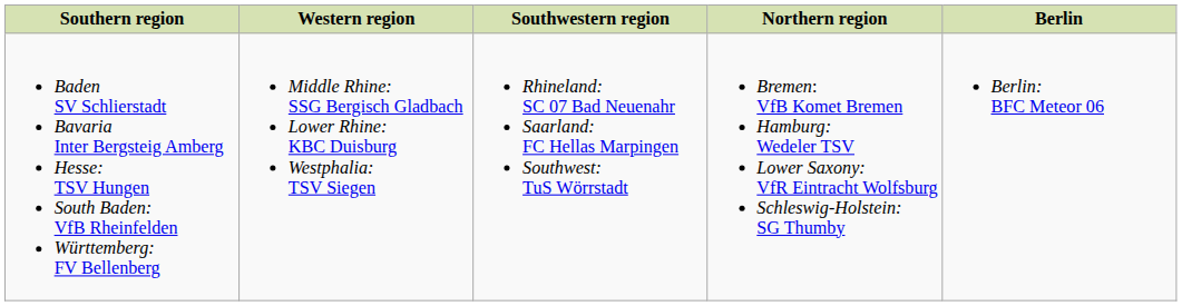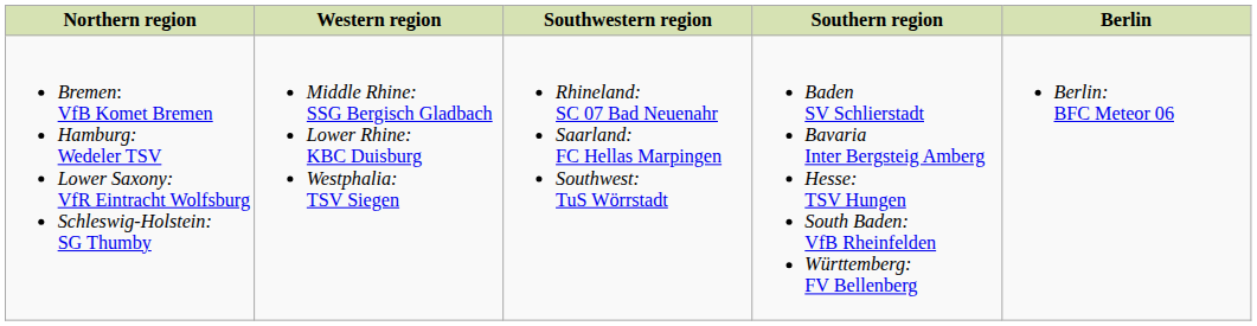 <table class="wikitable">
 <tr valign="top" style="background-color: #d6e2b3;">
-<td style="width: 20%; text-align:center;"><strong>Southern region</strong></td>
+<td style="width: 20%; text-align:center;"><strong>Northern region</strong></td>
 <td style="width: 20%; text-align:center;"><strong>Western region</strong></td>
 <td style="width: 20%; text-align:center;"><strong>Southwestern region</strong></td>
-<td style="width: 20%; text-align:center;"><strong>Northern region</strong></td>
+<td style="width: 20%; text-align:center;"><strong>Southern region</strong></td>
 <td style="width: 20%; text-align:center;"><strong>Berlin</strong></td>
 </tr>
 <tr valign="top">
-<td><br><ul><li><em>Baden</em><br><a href='#'>SV Schlierstadt</a></li><li><em>Bavaria</em><br><a href='#'>Inter Bergsteig Amberg</a></li><li><em>Hesse:</em><br><a href='#'>TSV Hungen</a></li><li><em>South Baden:</em><br><a href='#'>VfB Rheinfelden</a></li><li><em>Württemberg:</em><br><a href='#'>FV Bellenberg</a></li></ul></td>
+<td><br><ul><li><em>Bremen</em>:<br><a href='#'>VfB Komet Bremen</a></li><li><em>Hamburg:</em><br><a href='#'>Wedeler TSV</a></li><li><em>Lower Saxony:</em><br><a href='#'>VfR Eintracht Wolfsburg</a></li><li><em>Schleswig-Holstein:</em><br><a href='#'>SG Thumby</a></li></ul></td>
 <td><br><ul><li><em>Middle Rhine:</em><br><a href='#'>SSG Bergisch Gladbach</a></li><li><em>Lower Rhine:</em><br><a href='#'>KBC Duisburg</a></li><li><em>Westphalia:</em><br><a href='#'>TSV Siegen</a></li></ul></td>
 <td><br><ul><li><em>Rhineland:</em><br><a href='#'>SC 07 Bad Neuenahr</a></li><li><em>Saarland:</em> <br><a href='#'>FC Hellas Marpingen</a></li><li><em>Southwest:</em><br><a href='#'>TuS Wörrstadt</a></li></ul></td>
-<td><br><ul><li><em>Bremen</em>:<br><a href='#'>VfB Komet Bremen</a></li><li><em>Hamburg:</em><br><a href='#'>Wedeler TSV</a></li><li><em>Lower Saxony:</em><br><a href='#'>VfR Eintracht Wolfsburg</a></li><li><em>Schleswig-Holstein:</em><br><a href='#'>SG Thumby</a></li></ul></td>
+<td><br><ul><li><em>Baden</em><br><a href='#'>SV Schlierstadt</a></li><li><em>Bavaria</em><br><a href='#'>Inter Bergsteig Amberg</a></li><li><em>Hesse:</em><br><a href='#'>TSV Hungen</a></li><li><em>South Baden:</em><br><a href='#'>VfB Rheinfelden</a></li><li><em>Württemberg:</em><br><a href='#'>FV Bellenberg</a></li></ul></td>
 <td><br><ul><li><em>Berlin:</em><br><a href='#'>BFC Meteor 06</a></li></ul></td>
 </tr>
 </table>
